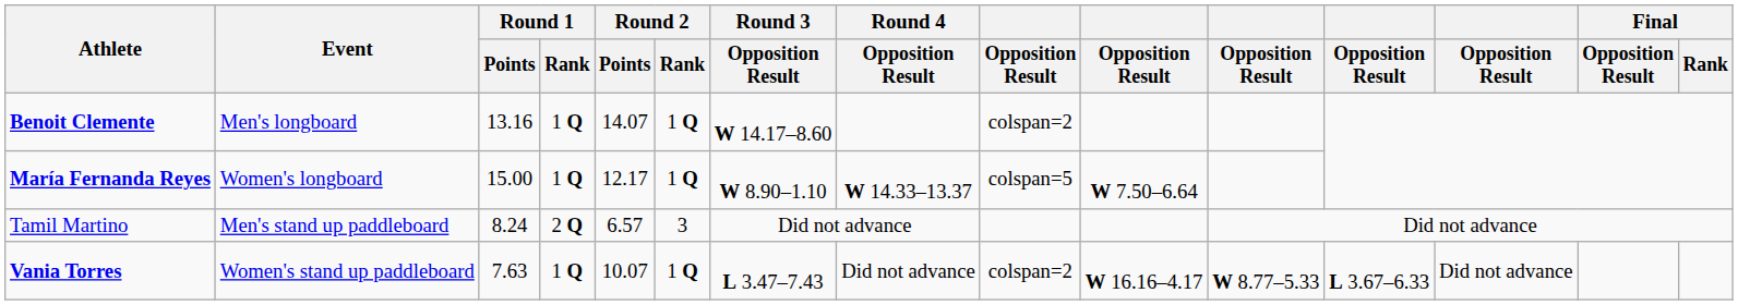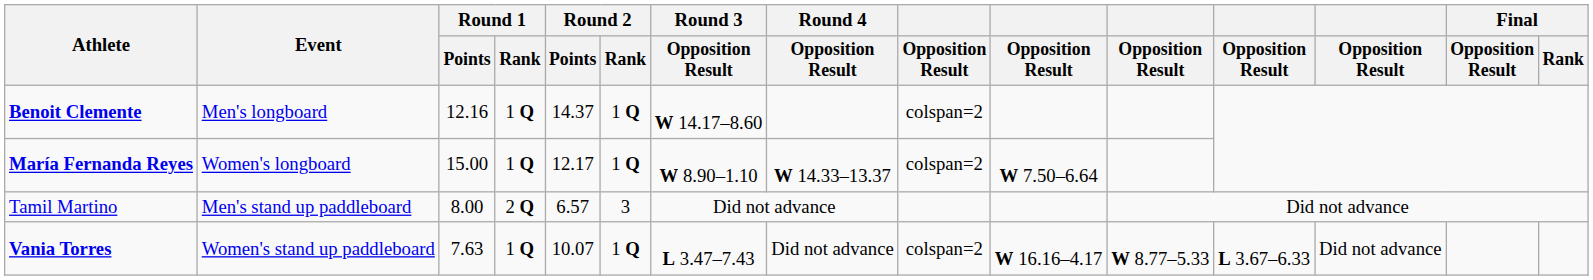 <table class="wikitable" style="font-size:90%;text-align:center">
 <tr>
 <th rowspan=2>Athlete</th>
 <th rowspan=2>Event</th>
 <th colspan=2>Round 1</th>
 <th colspan=2>Round 2</th>
 <th>Round 3</th>
 <th>Round 4</th>
 <th></th>
 <th></th>
 <th></th>
 <th></th>
 <th></th>
 <th colspan=2>Final</th>
 </tr>
 <tr style="font-size: 95%">
 <th>Points</th>
 <th>Rank</th>
 <th>Points</th>
 <th>Rank</th>
 <th>Opposition<br>Result</th>
 <th>Opposition<br>Result</th>
 <th>Opposition<br>Result</th>
 <th>Opposition<br>Result</th>
 <th>Opposition<br>Result</th>
 <th>Opposition<br>Result</th>
 <th>Opposition<br>Result</th>
 <th>Opposition<br>Result</th>
 <th>Rank</th>
 </tr>
 <tr>
 <td align=left><strong><a href='#'>Benoit Clemente</a></strong></td>
 <td align=left><a href='#'>Men's longboard</a></td>
-<td>13.16</td>
+<td>12.16</td>
 <td>1 <strong>Q</strong></td>
-<td>14.07</td>
+<td>14.37</td>
 <td>1 <strong>Q</strong></td>
 <td><br><strong>W</strong> 14.17–8.60</td>
 <td><br></td>
 <td>colspan=2 </td>
 <td><br></td>
 <td></td>
 </tr>
 <tr>
 <td align=left><strong><a href='#'>María Fernanda Reyes</a></strong></td>
 <td align=left><a href='#'>Women's longboard</a></td>
 <td>15.00</td>
 <td>1 <strong>Q</strong></td>
 <td>12.17</td>
 <td>1 <strong>Q</strong></td>
 <td><br><strong>W</strong> 8.90–1.10</td>
 <td><br><strong>W</strong> 14.33–13.37</td>
-<td>colspan=5 </td>
+<td>colspan=2 </td>
 <td><br><strong>W</strong> 7.50–6.64</td>
 <td></td>
 </tr>
 <tr>
 <td align=left><a href='#'>Tamil Martino</a></td>
 <td align=left><a href='#'>Men's stand up paddleboard</a></td>
-<td>8.24</td>
+<td>8.00</td>
 <td>2 <strong>Q</strong></td>
 <td>6.57</td>
 <td>3 <strong></strong></td>
 <td colspan=2>Did not advance</td>
 <td></td>
 <td><br></td>
 <td colspan=5>Did not advance</td>
 </tr>
 <tr>
 <td align=left><strong><a href='#'>Vania Torres</a></strong></td>
 <td align=left><a href='#'>Women's stand up paddleboard</a></td>
 <td>7.63</td>
 <td>1 <strong>Q</strong></td>
 <td>10.07</td>
 <td>1 <strong>Q</strong></td>
 <td><br><strong>L</strong> 3.47–7.43</td>
 <td>Did not advance</td>
 <td>colspan=2 </td>
 <td><br><strong>W</strong> 16.16–4.17</td>
 <td><br><strong>W</strong> 8.77–5.33</td>
 <td><br><strong>L</strong> 3.67–6.33</td>
 <td>Did not advance</td>
 <td></td>
 </tr>
 </table>
